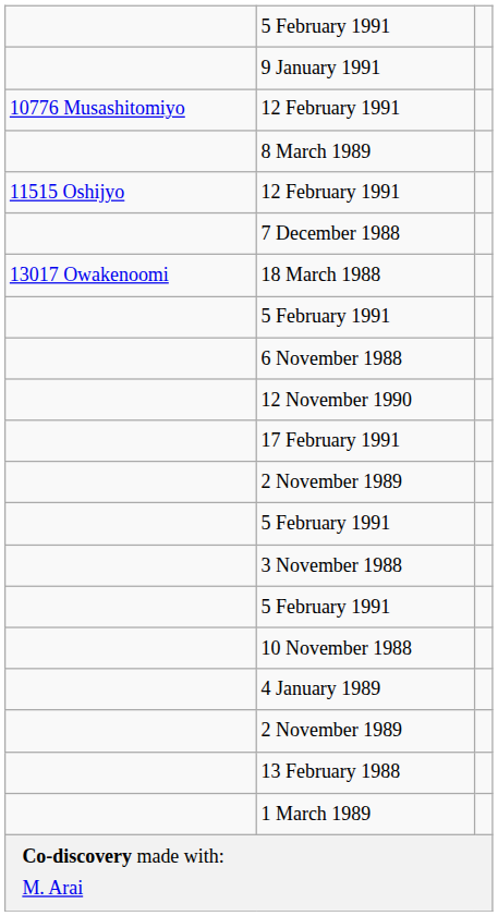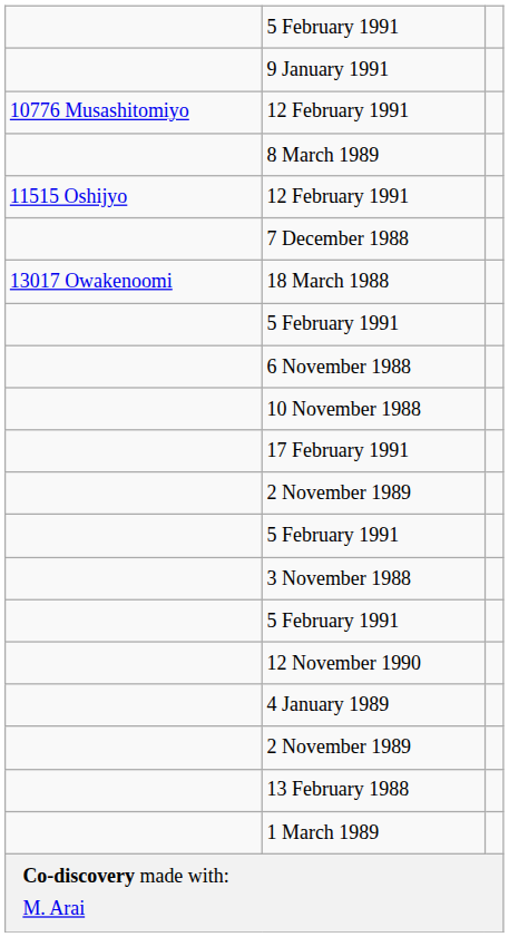 <table class="wikitable" style="font-size: 89%; float: left; width: 25em; margin-right: 1em; line-height: 1.65em !important; height: 590px;">
 <tr>
 <td></td>
 <td>5 February 1991</td>
 <td> </td>
 </tr>
 <tr>
 <td></td>
 <td>9 January 1991</td>
 <td> </td>
 </tr>
 <tr>
 <td><a href='#'>10776 Musashitomiyo</a></td>
 <td>12 February 1991</td>
 <td> </td>
 </tr>
 <tr>
 <td></td>
 <td>8 March 1989</td>
 <td> </td>
 </tr>
 <tr>
 <td><a href='#'>11515 Oshijyo</a></td>
 <td>12 February 1991</td>
 <td> </td>
 </tr>
 <tr>
 <td></td>
 <td>7 December 1988</td>
 <td> </td>
 </tr>
 <tr>
 <td><a href='#'>13017 Owakenoomi</a></td>
 <td>18 March 1988</td>
 <td> </td>
 </tr>
 <tr>
 <td></td>
 <td>5 February 1991</td>
 <td> </td>
 </tr>
 <tr>
 <td></td>
 <td>6 November 1988</td>
 <td> </td>
 </tr>
 <tr>
 <td></td>
-<td>12 November 1990</td>
+<td>10 November 1988</td>
 <td> </td>
 </tr>
 <tr>
 <td></td>
 <td>17 February 1991</td>
 <td> </td>
 </tr>
 <tr>
 <td></td>
 <td>2 November 1989</td>
 <td> </td>
 </tr>
 <tr>
 <td></td>
 <td>5 February 1991</td>
 <td> </td>
 </tr>
 <tr>
 <td></td>
 <td>3 November 1988</td>
 <td> </td>
 </tr>
 <tr>
 <td></td>
 <td>5 February 1991</td>
 <td> </td>
 </tr>
 <tr>
 <td></td>
-<td>10 November 1988</td>
+<td>12 November 1990</td>
 <td> </td>
 </tr>
 <tr>
 <td></td>
 <td>4 January 1989</td>
 <td> </td>
 </tr>
 <tr>
 <td></td>
 <td>2 November 1989</td>
 <td> </td>
 </tr>
 <tr>
 <td></td>
 <td>13 February 1988</td>
 <td> </td>
 </tr>
 <tr>
 <td></td>
 <td>1 March 1989</td>
 <td> </td>
 </tr>
 <tr>
 <th colspan=3 style="font-weight: normal; text-align: left; padding: 4px 12px;"><strong>Co-discovery</strong> made with:<br> <a href='#'>M. Arai</a></th>
 </tr>
 </table>
